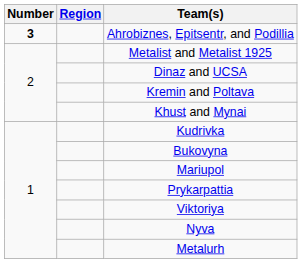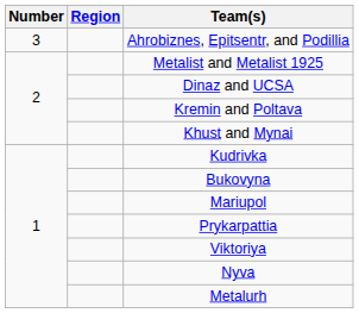 <table class="wikitable" style="text-align:center">
 <tr>
 <th>Number</th>
 <th><a href='#'>Region</a></th>
 <th>Team(s)</th>
 </tr>
 <tr>
-<td><strong>3</strong></td>
+<td>3</td>
 <td align="left"></td>
 <td><a href='#'>Ahrobiznes</a>, <a href='#'>Epitsentr</a>, and <a href='#'>Podillia</a></td>
 </tr>
 <tr>
 <td rowspan="4">2</td>
 <td align="left"></td>
 <td><a href='#'>Metalist</a> and <a href='#'>Metalist 1925</a></td>
 </tr>
 <tr>
 <td align="left"></td>
 <td><a href='#'>Dinaz</a> and <a href='#'>UCSA</a></td>
 </tr>
 <tr>
 <td align="left"></td>
 <td><a href='#'>Kremin</a> and <a href='#'>Poltava</a></td>
 </tr>
 <tr>
 <td align="left"></td>
 <td><a href='#'>Khust</a> and <a href='#'>Mynai</a></td>
 </tr>
 <tr>
 <td rowspan="7">1</td>
 <td align="left"></td>
 <td><a href='#'>Kudrivka</a></td>
 </tr>
 <tr>
 <td align="left"></td>
 <td><a href='#'>Bukovyna</a></td>
 </tr>
 <tr>
 <td align="left"></td>
 <td><a href='#'>Mariupol</a></td>
 </tr>
 <tr>
 <td align="left"></td>
 <td><a href='#'>Prykarpattia</a></td>
 </tr>
 <tr>
 <td align="left"></td>
 <td><a href='#'>Viktoriya</a></td>
 </tr>
 <tr>
 <td align="left"></td>
 <td><a href='#'>Nyva</a></td>
 </tr>
 <tr>
 <td align="left"></td>
 <td><a href='#'>Metalurh</a></td>
 </tr>
 </table>
